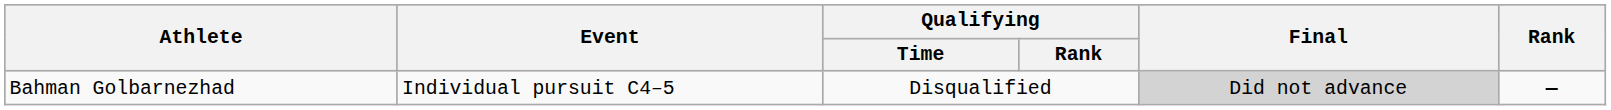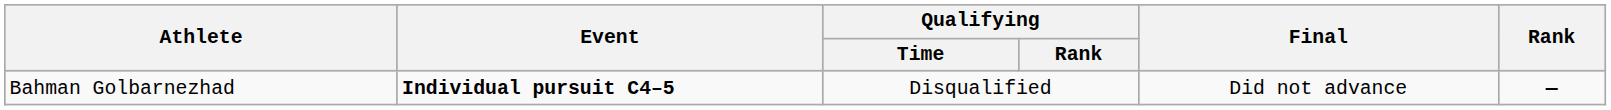 <table class="wikitable" width="75%" style="text-align:center; font-size:90%">
 <tr>
 <th rowspan="2" width="12%">Athlete</th>
 <th rowspan="2" width="13%">Event</th>
 <th colspan="2">Qualifying</th>
 <th rowspan="2" width="11%">Final</th>
 <th rowspan="2" width="3%">Rank</th>
 </tr>
 <tr>
 <th width="6%">Time</th>
 <th width="3%">Rank</th>
 </tr>
 <tr>
 <td align="left">Bahman Golbarnezhad</td>
-<td align="left">Individual pursuit C4–5</td>
+<td align="left"><strong>Individual pursuit C4–5</strong></td>
 <td colspan=2>Disqualified</td>
-<td style="background: lightgrey;">Did not advance</td>
+<td>Did not advance</td>
 <td><strong>—</strong></td>
 </tr>
 </table>
